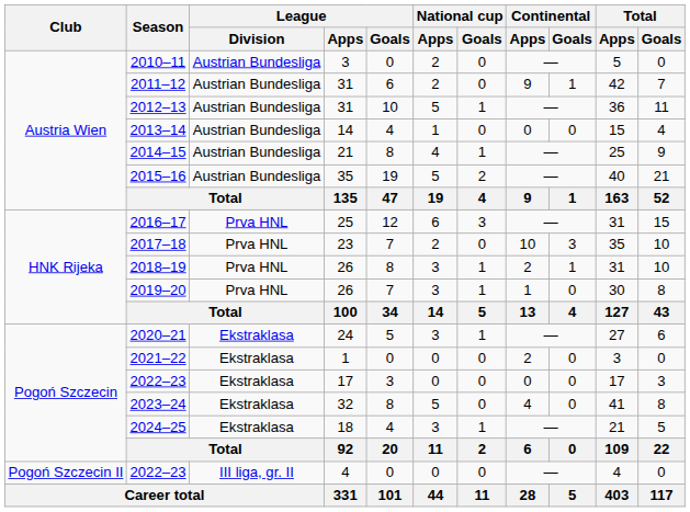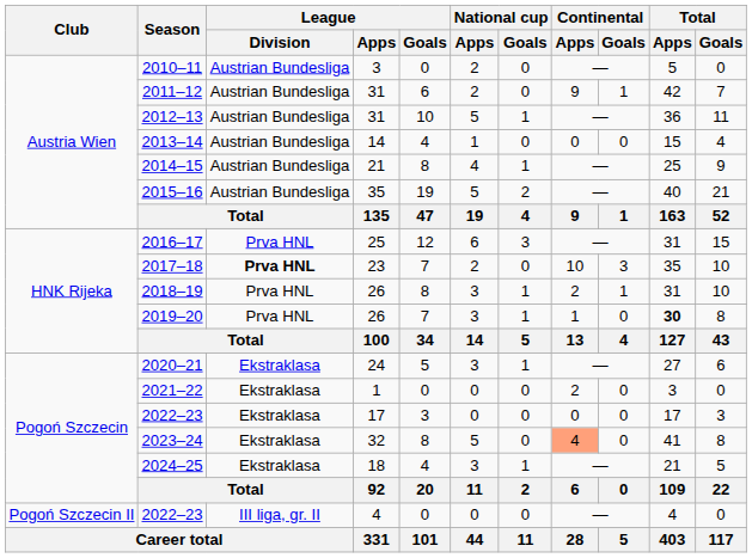 <table class="wikitable" style="text-align:center">
 <tr>
 <th rowspan="2">Club</th>
 <th rowspan="2">Season</th>
 <th colspan="3">League</th>
 <th colspan="2">National cup</th>
 <th colspan="2">Continental</th>
 <th colspan="2">Total</th>
 </tr>
 <tr>
 <th>Division</th>
 <th>Apps</th>
 <th>Goals</th>
 <th>Apps</th>
 <th>Goals</th>
 <th>Apps</th>
 <th>Goals</th>
 <th>Apps</th>
 <th>Goals</th>
 </tr>
 <tr>
 <td rowspan="7"><a href='#'>Austria Wien</a></td>
 <td><a href='#'>2010–11</a></td>
 <td><a href='#'>Austrian Bundesliga</a></td>
 <td>3</td>
 <td>0</td>
 <td>2</td>
 <td>0</td>
 <td colspan="2">—</td>
 <td>5</td>
 <td>0</td>
 </tr>
 <tr>
 <td><a href='#'>2011–12</a></td>
 <td>Austrian Bundesliga</td>
 <td>31</td>
 <td>6</td>
 <td>2</td>
 <td>0</td>
 <td>9</td>
 <td>1</td>
 <td>42</td>
 <td>7</td>
 </tr>
 <tr>
 <td><a href='#'>2012–13</a></td>
 <td>Austrian Bundesliga</td>
 <td>31</td>
 <td>10</td>
 <td>5</td>
 <td>1</td>
 <td colspan="2">—</td>
 <td>36</td>
 <td>11</td>
 </tr>
 <tr>
 <td><a href='#'>2013–14</a></td>
 <td>Austrian Bundesliga</td>
 <td>14</td>
 <td>4</td>
 <td>1</td>
 <td>0</td>
 <td>0</td>
 <td>0</td>
 <td>15</td>
 <td>4</td>
 </tr>
 <tr>
 <td><a href='#'>2014–15</a></td>
 <td>Austrian Bundesliga</td>
 <td>21</td>
 <td>8</td>
 <td>4</td>
 <td>1</td>
 <td colspan="2">—</td>
 <td>25</td>
 <td>9</td>
 </tr>
 <tr>
 <td><a href='#'>2015–16</a></td>
 <td>Austrian Bundesliga</td>
 <td>35</td>
 <td>19</td>
 <td>5</td>
 <td>2</td>
 <td colspan="2">—</td>
 <td>40</td>
 <td>21</td>
 </tr>
 <tr>
 <th colspan="2">Total</th>
 <th>135</th>
 <th>47</th>
 <th>19</th>
 <th>4</th>
 <th>9</th>
 <th>1</th>
 <th>163</th>
 <th>52</th>
 </tr>
 <tr>
 <td rowspan="5"><a href='#'>HNK Rijeka</a></td>
 <td><a href='#'>2016–17</a></td>
 <td><a href='#'>Prva HNL</a></td>
 <td>25</td>
 <td>12</td>
 <td>6</td>
 <td>3</td>
 <td colspan="2">—</td>
 <td>31</td>
 <td>15</td>
 </tr>
 <tr>
 <td><a href='#'>2017–18</a></td>
-<td>Prva HNL</td>
+<td><strong>Prva HNL</strong></td>
 <td>23</td>
 <td>7</td>
 <td>2</td>
 <td>0</td>
 <td>10</td>
 <td>3</td>
 <td>35</td>
 <td>10</td>
 </tr>
 <tr>
 <td><a href='#'>2018–19</a></td>
 <td>Prva HNL</td>
 <td>26</td>
 <td>8</td>
 <td>3</td>
 <td>1</td>
 <td>2</td>
 <td>1</td>
 <td>31</td>
 <td>10</td>
 </tr>
 <tr>
 <td><a href='#'>2019–20</a></td>
 <td>Prva HNL</td>
 <td>26</td>
 <td>7</td>
 <td>3</td>
 <td>1</td>
 <td>1</td>
 <td>0</td>
-<td>30</td>
+<td><strong>30</strong></td>
 <td>8</td>
 </tr>
 <tr>
 <th colspan="2">Total</th>
 <th>100</th>
 <th>34</th>
 <th>14</th>
 <th>5</th>
 <th>13</th>
 <th>4</th>
 <th>127</th>
 <th>43</th>
 </tr>
 <tr>
 <td rowspan="6"><a href='#'>Pogoń Szczecin</a></td>
 <td><a href='#'>2020–21</a></td>
 <td><a href='#'>Ekstraklasa</a></td>
 <td>24</td>
 <td>5</td>
 <td>3</td>
 <td>1</td>
 <td colspan="2">—</td>
 <td>27</td>
 <td>6</td>
 </tr>
 <tr>
 <td><a href='#'>2021–22</a></td>
 <td>Ekstraklasa</td>
 <td>1</td>
 <td>0</td>
 <td>0</td>
 <td>0</td>
 <td>2</td>
 <td>0</td>
 <td>3</td>
 <td>0</td>
 </tr>
 <tr>
 <td><a href='#'>2022–23</a></td>
 <td>Ekstraklasa</td>
 <td>17</td>
 <td>3</td>
 <td>0</td>
 <td>0</td>
 <td>0</td>
 <td>0</td>
 <td>17</td>
 <td>3</td>
 </tr>
 <tr>
 <td><a href='#'>2023–24</a></td>
 <td>Ekstraklasa</td>
 <td>32</td>
 <td>8</td>
 <td>5</td>
 <td>0</td>
-<td>4</td>
+<td style="background: lightsalmon;">4</td>
 <td>0</td>
 <td>41</td>
 <td>8</td>
 </tr>
 <tr>
 <td><a href='#'>2024–25</a></td>
 <td>Ekstraklasa</td>
 <td>18</td>
 <td>4</td>
 <td>3</td>
 <td>1</td>
 <td colspan="2">—</td>
 <td>21</td>
 <td>5</td>
 </tr>
 <tr>
 <th colspan="2">Total</th>
 <th>92</th>
 <th>20</th>
 <th>11</th>
 <th>2</th>
 <th>6</th>
 <th>0</th>
 <th>109</th>
 <th>22</th>
 </tr>
 <tr>
 <td><a href='#'>Pogoń Szczecin II</a></td>
 <td><a href='#'>2022–23</a></td>
 <td><a href='#'>III liga, gr. II</a></td>
 <td>4</td>
 <td>0</td>
 <td>0</td>
 <td>0</td>
 <td colspan="2">—</td>
 <td>4</td>
 <td>0</td>
 </tr>
 <tr>
 <th colspan="3">Career total</th>
 <th>331</th>
 <th>101</th>
 <th>44</th>
 <th>11</th>
 <th>28</th>
 <th>5</th>
 <th>403</th>
 <th>117</th>
 </tr>
 </table>
